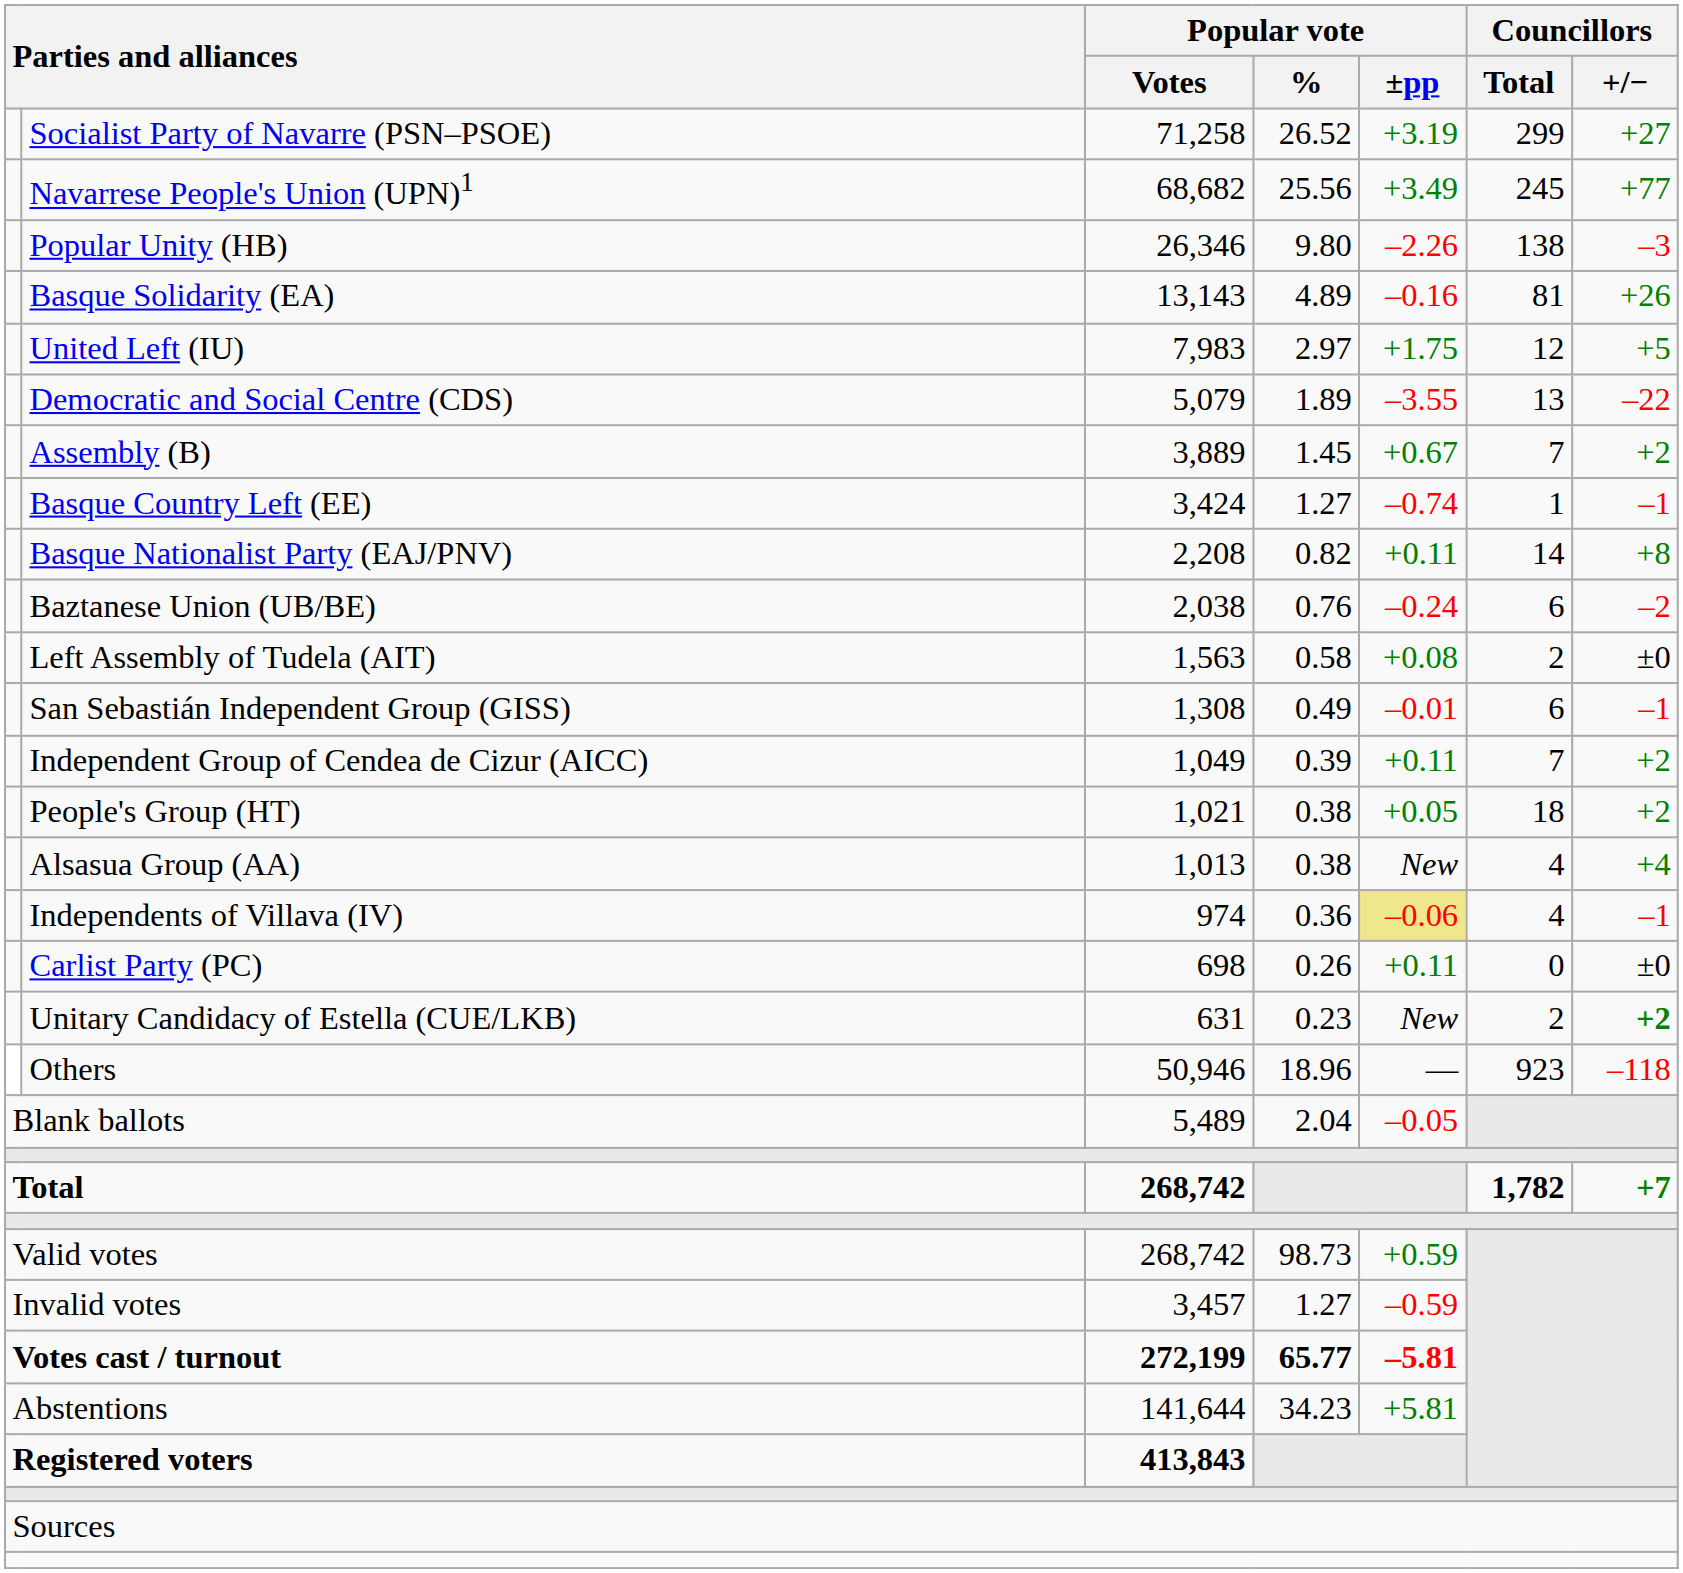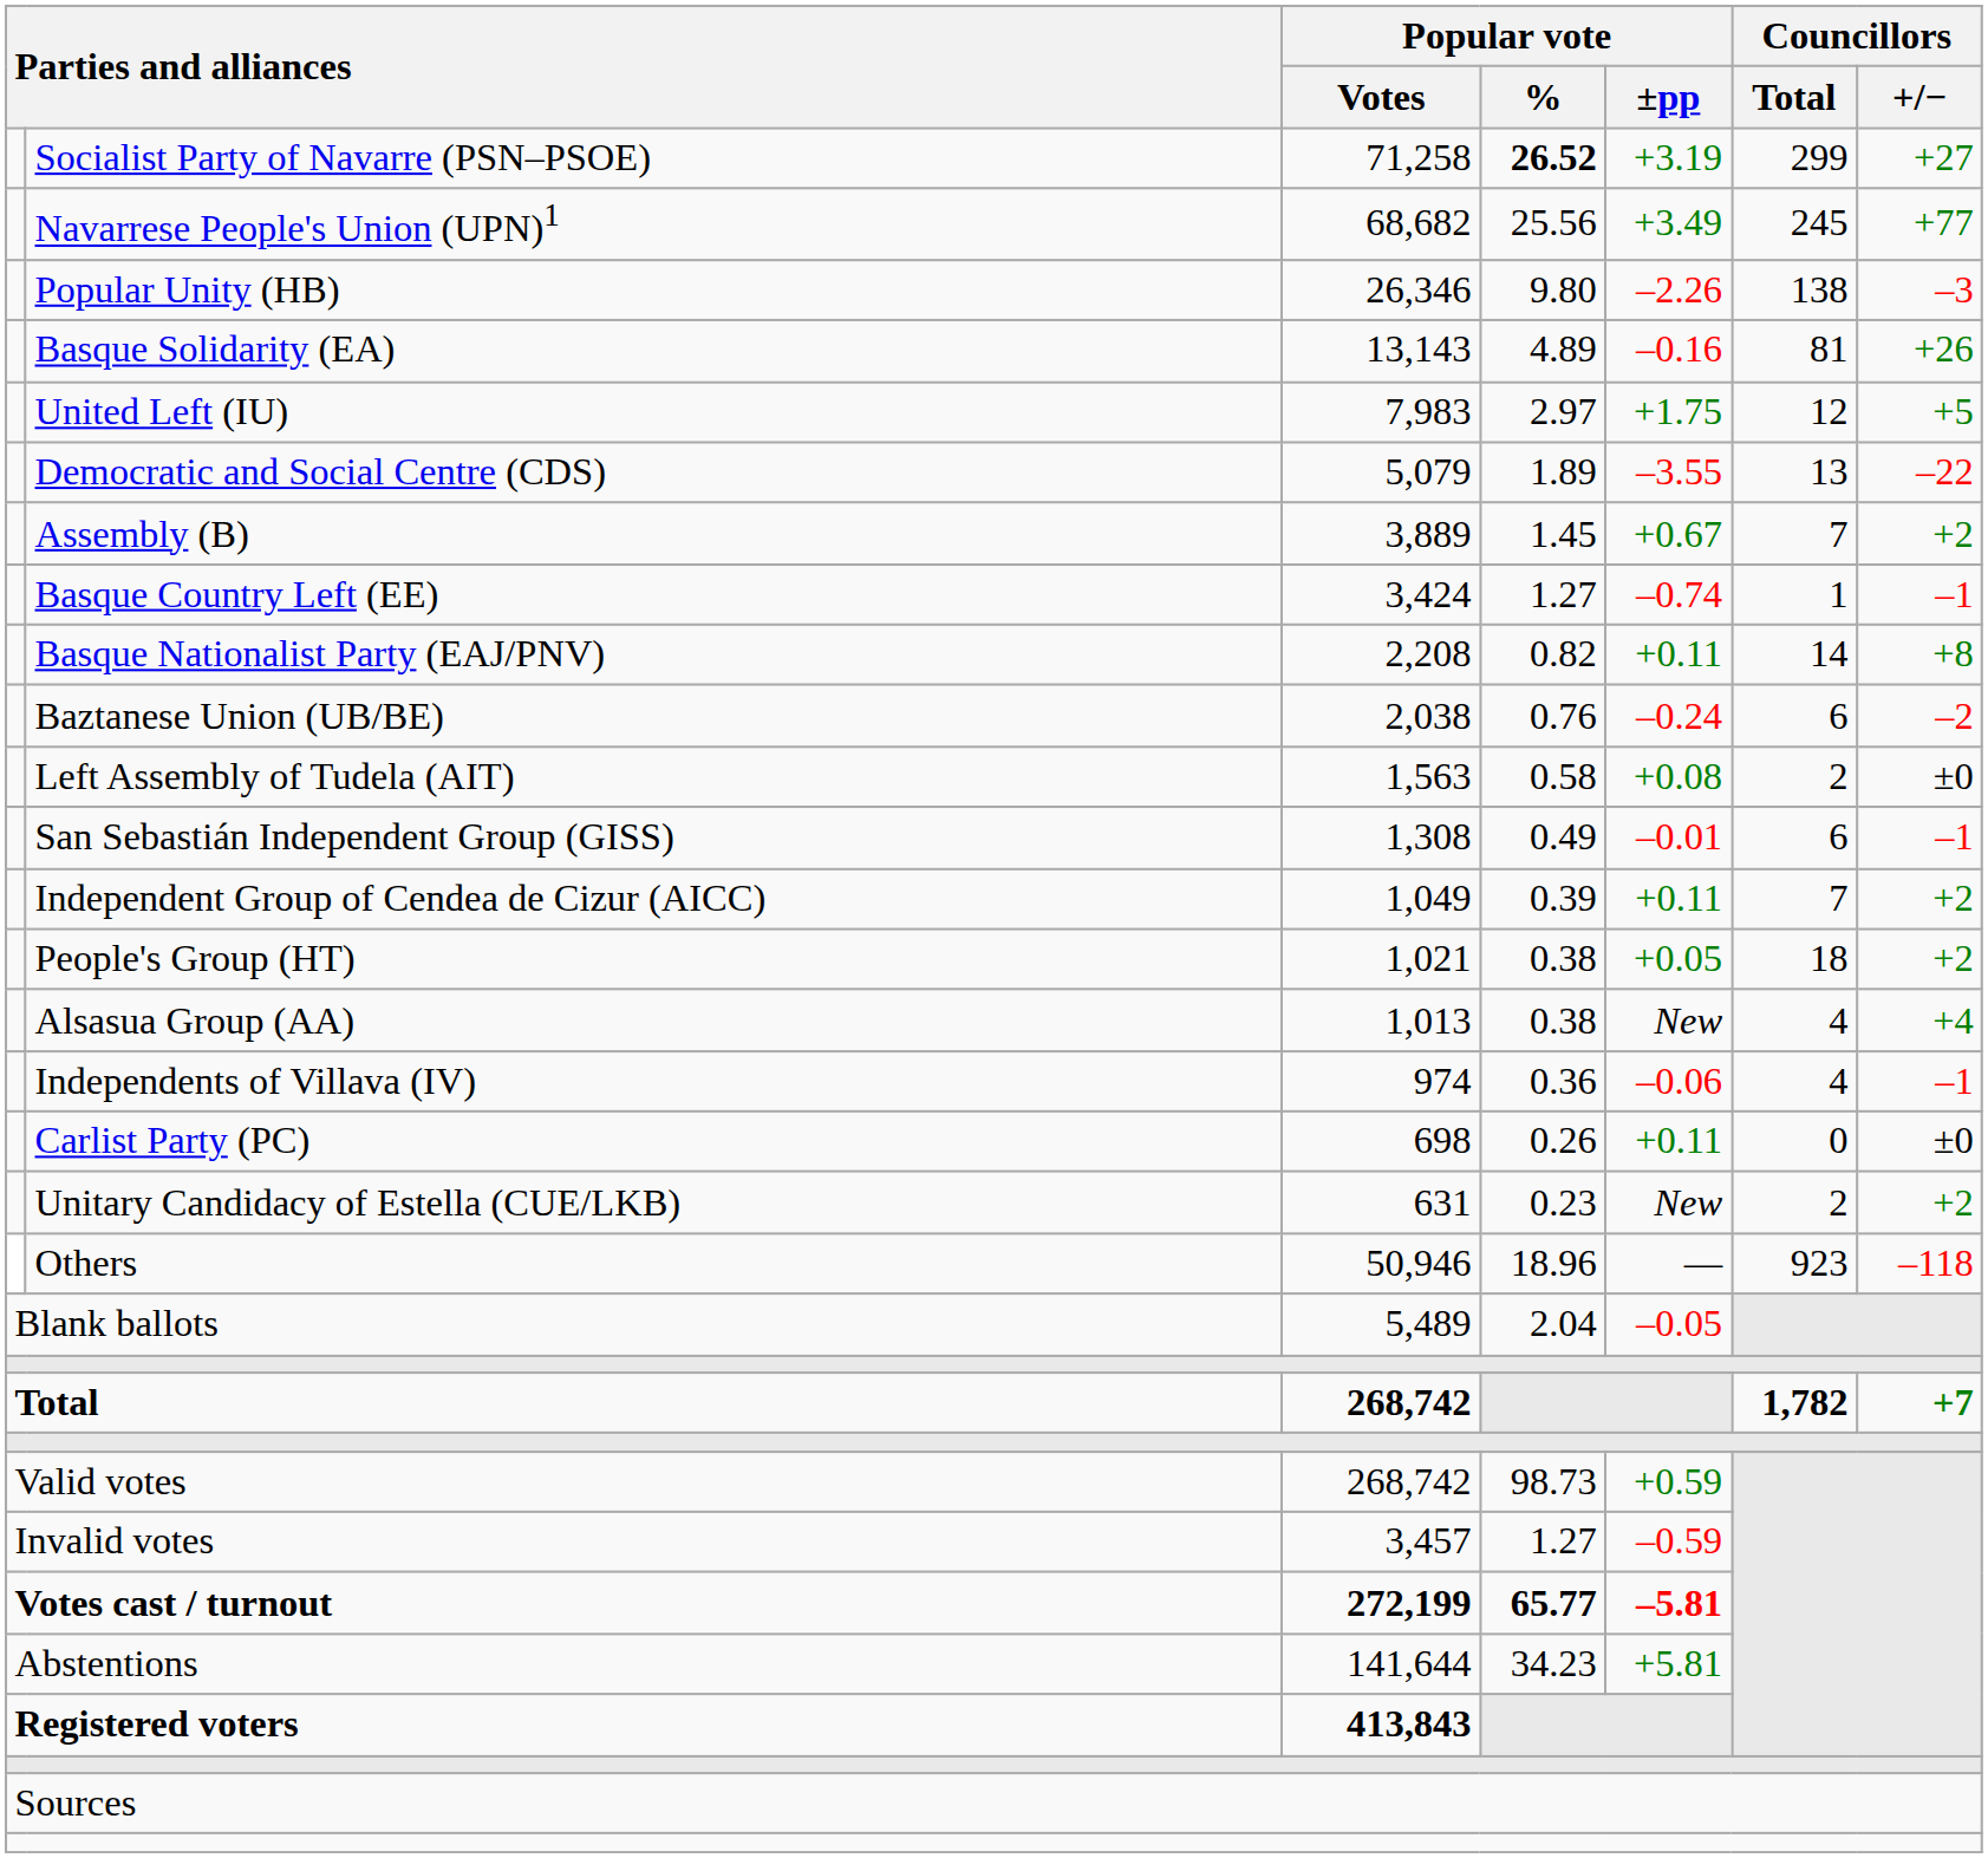 <table class="wikitable" style="text-align:right;">
 <tr>
 <th style="text-align:left;" rowspan="2" colspan="2" width="525">Parties and alliances</th>
 <th colspan="3">Popular vote</th>
 <th colspan="2">Councillors</th>
 </tr>
 <tr>
 <th width="75">Votes</th>
 <th width="45">%</th>
 <th width="45">±<a href='#'>pp</a></th>
 <th width="45">Total</th>
 <th width="45">+/−</th>
 </tr>
 <tr>
 <td width="1" style="color:inherit;background:"></td>
 <td align="left"><a href='#'>Socialist Party of Navarre</a> (PSN–PSOE)</td>
 <td>71,258</td>
-<td>26.52</td>
+<td><strong>26.52</strong></td>
 <td style="color:green;">+3.19</td>
 <td>299</td>
 <td style="color:green;">+27</td>
 </tr>
 <tr>
 <td style="color:inherit;background:"></td>
 <td align="left"><a href='#'>Navarrese People's Union</a> (UPN)<sup>1</sup></td>
 <td>68,682</td>
 <td>25.56</td>
 <td style="color:green;">+3.49</td>
 <td>245</td>
 <td style="color:green;">+77</td>
 </tr>
 <tr>
 <td style="color:inherit;background:"></td>
 <td align="left"><a href='#'>Popular Unity</a> (HB)</td>
 <td>26,346</td>
 <td>9.80</td>
 <td style="color:red;">–2.26</td>
 <td>138</td>
 <td style="color:red;">–3</td>
 </tr>
 <tr>
 <td style="color:inherit;background:"></td>
 <td align="left"><a href='#'>Basque Solidarity</a> (EA)</td>
 <td>13,143</td>
 <td>4.89</td>
 <td style="color:red;">–0.16</td>
 <td>81</td>
 <td style="color:green;">+26</td>
 </tr>
 <tr>
 <td style="color:inherit;background:"></td>
 <td align="left"><a href='#'>United Left</a> (IU)</td>
 <td>7,983</td>
 <td>2.97</td>
 <td style="color:green;">+1.75</td>
 <td>12</td>
 <td style="color:green;">+5</td>
 </tr>
 <tr>
 <td style="color:inherit;background:"></td>
 <td align="left"><a href='#'>Democratic and Social Centre</a> (CDS)</td>
 <td>5,079</td>
 <td>1.89</td>
 <td style="color:red;">–3.55</td>
 <td>13</td>
 <td style="color:red;">–22</td>
 </tr>
 <tr>
 <td style="color:inherit;background:"></td>
 <td align="left"><a href='#'>Assembly</a> (B)</td>
 <td>3,889</td>
 <td>1.45</td>
 <td style="color:green;">+0.67</td>
 <td>7</td>
 <td style="color:green;">+2</td>
 </tr>
 <tr>
 <td style="color:inherit;background:"></td>
 <td align="left"><a href='#'>Basque Country Left</a> (EE)</td>
 <td>3,424</td>
 <td>1.27</td>
 <td style="color:red;">–0.74</td>
 <td>1</td>
 <td style="color:red;">–1</td>
 </tr>
 <tr>
 <td style="color:inherit;background:"></td>
 <td align="left"><a href='#'>Basque Nationalist Party</a> (EAJ/PNV)</td>
 <td>2,208</td>
 <td>0.82</td>
 <td style="color:green;">+0.11</td>
 <td>14</td>
 <td style="color:green;">+8</td>
 </tr>
 <tr>
 <td style="color:inherit;background:"></td>
 <td align="left">Baztanese Union (UB/BE)</td>
 <td>2,038</td>
 <td>0.76</td>
 <td style="color:red;">–0.24</td>
 <td>6</td>
 <td style="color:red;">–2</td>
 </tr>
 <tr>
 <td style="color:inherit;background:"></td>
 <td align="left">Left Assembly of Tudela (AIT)</td>
 <td>1,563</td>
 <td>0.58</td>
 <td style="color:green;">+0.08</td>
 <td>2</td>
 <td>±0</td>
 </tr>
 <tr>
 <td style="color:inherit;background:"></td>
 <td align="left">San Sebastián Independent Group (GISS)</td>
 <td>1,308</td>
 <td>0.49</td>
 <td style="color:red;">–0.01</td>
 <td>6</td>
 <td style="color:red;">–1</td>
 </tr>
 <tr>
 <td style="color:inherit;background:"></td>
 <td align="left">Independent Group of Cendea de Cizur (AICC)</td>
 <td>1,049</td>
 <td>0.39</td>
 <td style="color:green;">+0.11</td>
 <td>7</td>
 <td style="color:green;">+2</td>
 </tr>
 <tr>
 <td style="color:inherit;background:"></td>
 <td align="left">People's Group (HT)</td>
 <td>1,021</td>
 <td>0.38</td>
 <td style="color:green;">+0.05</td>
 <td>18</td>
 <td style="color:green;">+2</td>
 </tr>
 <tr>
 <td style="color:inherit;background:"></td>
 <td align="left">Alsasua Group (AA)</td>
 <td>1,013</td>
 <td>0.38</td>
 <td><em>New</em></td>
 <td>4</td>
 <td style="color:green;">+4</td>
 </tr>
 <tr>
 <td style="color:inherit;background:"></td>
 <td align="left">Independents of Villava (IV)</td>
 <td>974</td>
 <td>0.36</td>
-<td style="background: khaki; color:red;">–0.06</td>
+<td style="color:red;">–0.06</td>
 <td>4</td>
 <td style="color:red;">–1</td>
 </tr>
 <tr>
 <td style="color:inherit;background:"></td>
 <td align="left"><a href='#'>Carlist Party</a> (PC)</td>
 <td>698</td>
 <td>0.26</td>
 <td style="color:green;">+0.11</td>
 <td>0</td>
 <td>±0</td>
 </tr>
 <tr>
 <td style="color:inherit;background:"></td>
 <td align="left">Unitary Candidacy of Estella (CUE/LKB)</td>
 <td>631</td>
 <td>0.23</td>
 <td><em>New</em></td>
 <td>2</td>
-<td style="color:green;"><strong>+2</strong></td>
+<td style="color:green;">+2</td>
 </tr>
 <tr>
 <td bgcolor="white"></td>
 <td align="left">Others</td>
 <td>50,946</td>
 <td>18.96</td>
 <td>—</td>
 <td>923</td>
 <td style="color:red;">–118</td>
 </tr>
 <tr>
 <td align="left" colspan="2">Blank ballots</td>
 <td>5,489</td>
 <td>2.04</td>
 <td style="color:red;">–0.05</td>
 <td bgcolor="#E9E9E9" colspan="2"></td>
 </tr>
 <tr>
 <td colspan="7" bgcolor="#E9E9E9"></td>
 </tr>
 <tr style="font-weight:bold;">
 <td align="left" colspan="2">Total</td>
 <td>268,742</td>
 <td bgcolor="#E9E9E9" colspan="2"></td>
 <td>1,782</td>
 <td style="color:green;">+7</td>
 </tr>
 <tr>
 <td colspan="7" bgcolor="#E9E9E9"></td>
 </tr>
 <tr>
 <td align="left" colspan="2">Valid votes</td>
 <td>268,742</td>
 <td>98.73</td>
 <td style="color:green;">+0.59</td>
 <td bgcolor="#E9E9E9" colspan="2" rowspan="5"></td>
 </tr>
 <tr>
 <td align="left" colspan="2">Invalid votes</td>
 <td>3,457</td>
 <td>1.27</td>
 <td style="color:red;">–0.59</td>
 </tr>
 <tr style="font-weight:bold;">
 <td align="left" colspan="2">Votes cast / turnout</td>
 <td>272,199</td>
 <td>65.77</td>
 <td style="color:red;">–5.81</td>
 </tr>
 <tr>
 <td align="left" colspan="2">Abstentions</td>
 <td>141,644</td>
 <td>34.23</td>
 <td style="color:green;">+5.81</td>
 </tr>
 <tr style="font-weight:bold;">
 <td align="left" colspan="2">Registered voters</td>
 <td>413,843</td>
 <td bgcolor="#E9E9E9" colspan="2"></td>
 </tr>
 <tr>
 <td colspan="7" bgcolor="#E9E9E9"></td>
 </tr>
 <tr>
 <td align="left" colspan="7">Sources</td>
 </tr>
 <tr>
 <td colspan="7" style="text-align:left; max-width:790px;"></td>
 </tr>
 </table>
